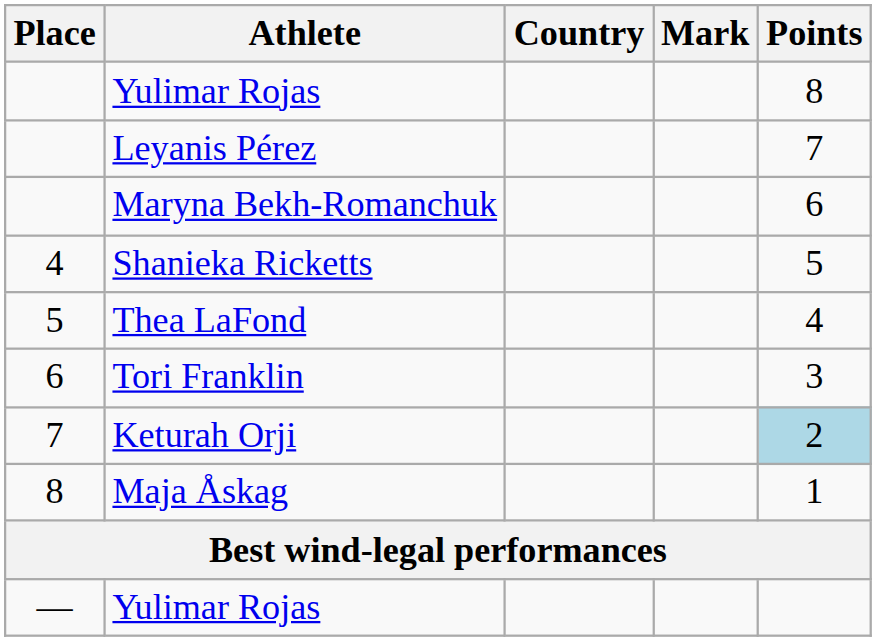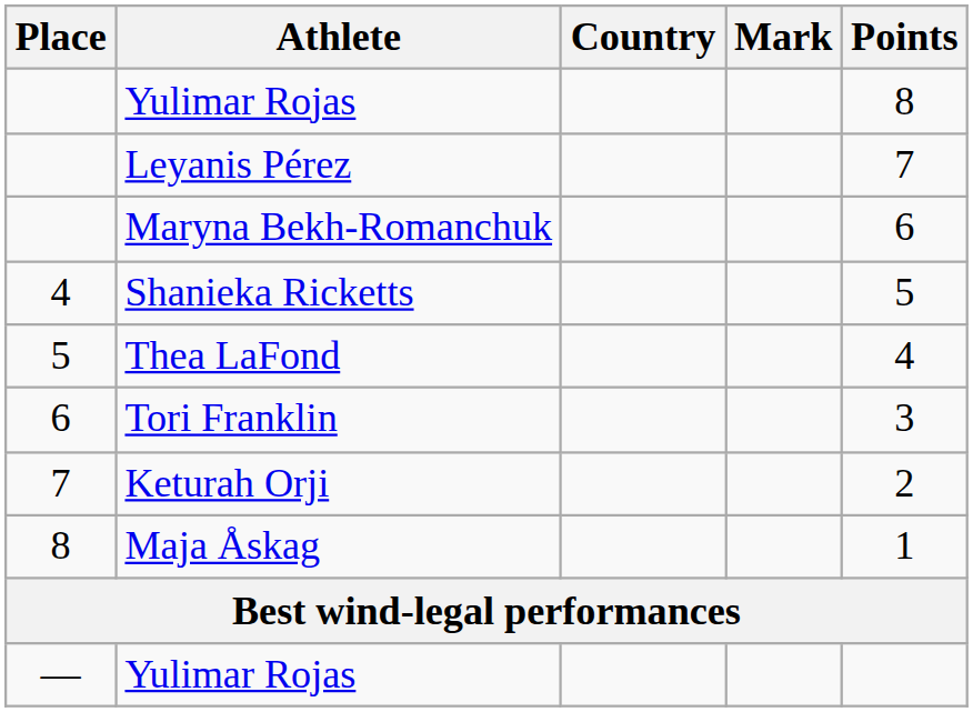 <table class="wikitable">
 <tr>
 <th>Place</th>
 <th>Athlete</th>
 <th>Country</th>
 <th>Mark</th>
 <th>Points</th>
 </tr>
 <tr>
 <td align=center></td>
 <td><a href='#'>Yulimar Rojas</a></td>
 <td></td>
 <td> </td>
 <td align=center>8</td>
 </tr>
 <tr>
 <td align=center></td>
 <td><a href='#'>Leyanis Pérez</a></td>
 <td></td>
 <td> </td>
 <td align=center>7</td>
 </tr>
 <tr>
 <td align=center></td>
 <td><a href='#'>Maryna Bekh-Romanchuk</a></td>
 <td></td>
 <td> </td>
 <td align=center>6</td>
 </tr>
 <tr>
 <td align=center>4</td>
 <td><a href='#'>Shanieka Ricketts</a></td>
 <td></td>
 <td> </td>
 <td align=center>5</td>
 </tr>
 <tr>
 <td align=center>5</td>
 <td><a href='#'>Thea LaFond</a></td>
 <td></td>
 <td> </td>
 <td align=center>4</td>
 </tr>
 <tr>
 <td align=center>6</td>
 <td><a href='#'>Tori Franklin</a></td>
 <td></td>
 <td> </td>
 <td align=center>3</td>
 </tr>
 <tr>
 <td align=center>7</td>
 <td><a href='#'>Keturah Orji</a></td>
 <td></td>
 <td> </td>
-<td align=center style="background: lightblue;">2</td>
+<td align=center>2</td>
 </tr>
 <tr>
 <td align=center>8</td>
 <td><a href='#'>Maja Åskag</a></td>
 <td></td>
 <td> </td>
 <td align=center>1</td>
 </tr>
 <tr>
 <th align=center colspan=5>Best wind-legal performances</th>
 </tr>
 <tr>
 <td align=center>—</td>
 <td><a href='#'>Yulimar Rojas</a></td>
 <td></td>
 <td> </td>
 <td align=center></td>
 </tr>
 </table>
